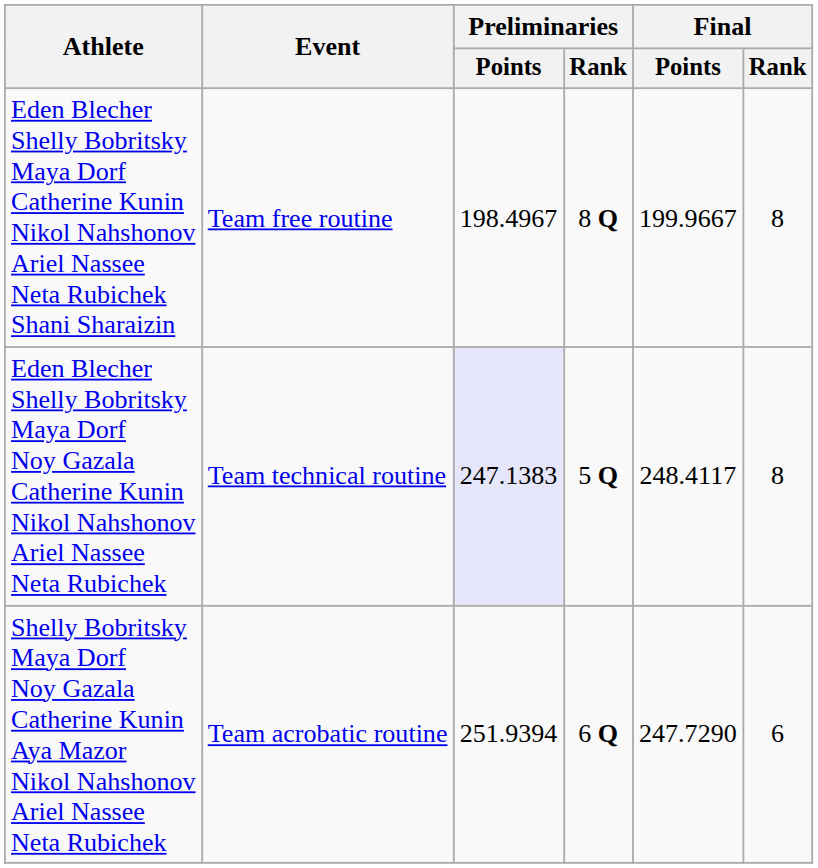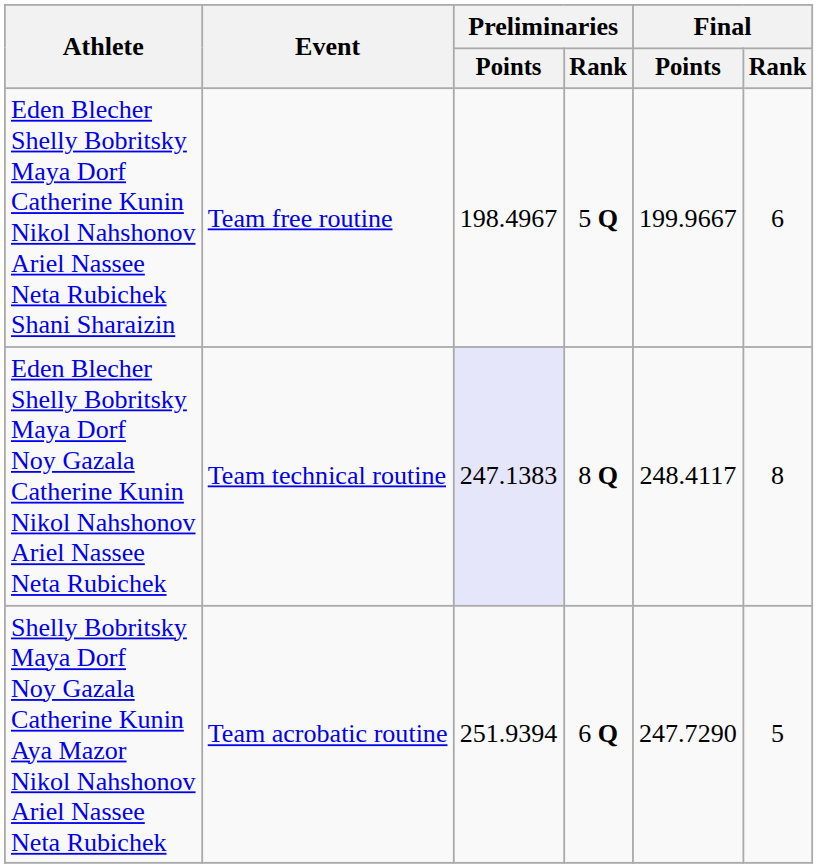 <table class="wikitable" style="text-align:center; font-size:90%; ">
 <tr>
 <th rowspan="2">Athlete</th>
 <th rowspan="2">Event</th>
 <th colspan="2">Preliminaries</th>
 <th colspan="2">Final</th>
 </tr>
 <tr style="font-size:95%">
 <th>Points</th>
 <th>Rank</th>
 <th>Points</th>
 <th>Rank</th>
 </tr>
 <tr>
 <td align=left><a href='#'>Eden Blecher</a><br> <a href='#'>Shelly Bobritsky</a><br> <a href='#'>Maya Dorf</a><br> <a href='#'>Catherine Kunin</a><br> <a href='#'>Nikol Nahshonov</a><br> <a href='#'>Ariel Nassee</a><br> <a href='#'>Neta Rubichek</a><br> <a href='#'>Shani Sharaizin</a></td>
 <td align=left><a href='#'>Team free routine</a></td>
 <td>198.4967</td>
-<td>8 <strong>Q</strong></td>
+<td>5 <strong>Q</strong></td>
 <td>199.9667</td>
-<td>8</td>
+<td>6</td>
 </tr>
 <tr>
 <td align=left><a href='#'>Eden Blecher</a><br> <a href='#'>Shelly Bobritsky</a><br> <a href='#'>Maya Dorf</a><br> <a href='#'>Noy Gazala</a><br> <a href='#'>Catherine Kunin</a><br> <a href='#'>Nikol Nahshonov</a><br> <a href='#'>Ariel Nassee</a><br> <a href='#'>Neta Rubichek</a></td>
 <td align=left><a href='#'>Team technical routine</a></td>
 <td style="background: lavender;">247.1383</td>
-<td>5 <strong>Q</strong></td>
+<td>8 <strong>Q</strong></td>
 <td>248.4117</td>
 <td>8</td>
 </tr>
 <tr>
 <td align=left><a href='#'>Shelly Bobritsky</a><br> <a href='#'>Maya Dorf</a><br> <a href='#'>Noy Gazala</a><br> <a href='#'>Catherine Kunin</a><br> <a href='#'>Aya Mazor</a><br> <a href='#'>Nikol Nahshonov</a><br> <a href='#'>Ariel Nassee</a><br> <a href='#'>Neta Rubichek</a></td>
 <td align=left><a href='#'>Team acrobatic routine</a></td>
 <td>251.9394</td>
 <td>6 <strong>Q</strong></td>
 <td>247.7290</td>
-<td>6</td>
+<td>5</td>
 </tr>
 </table>
